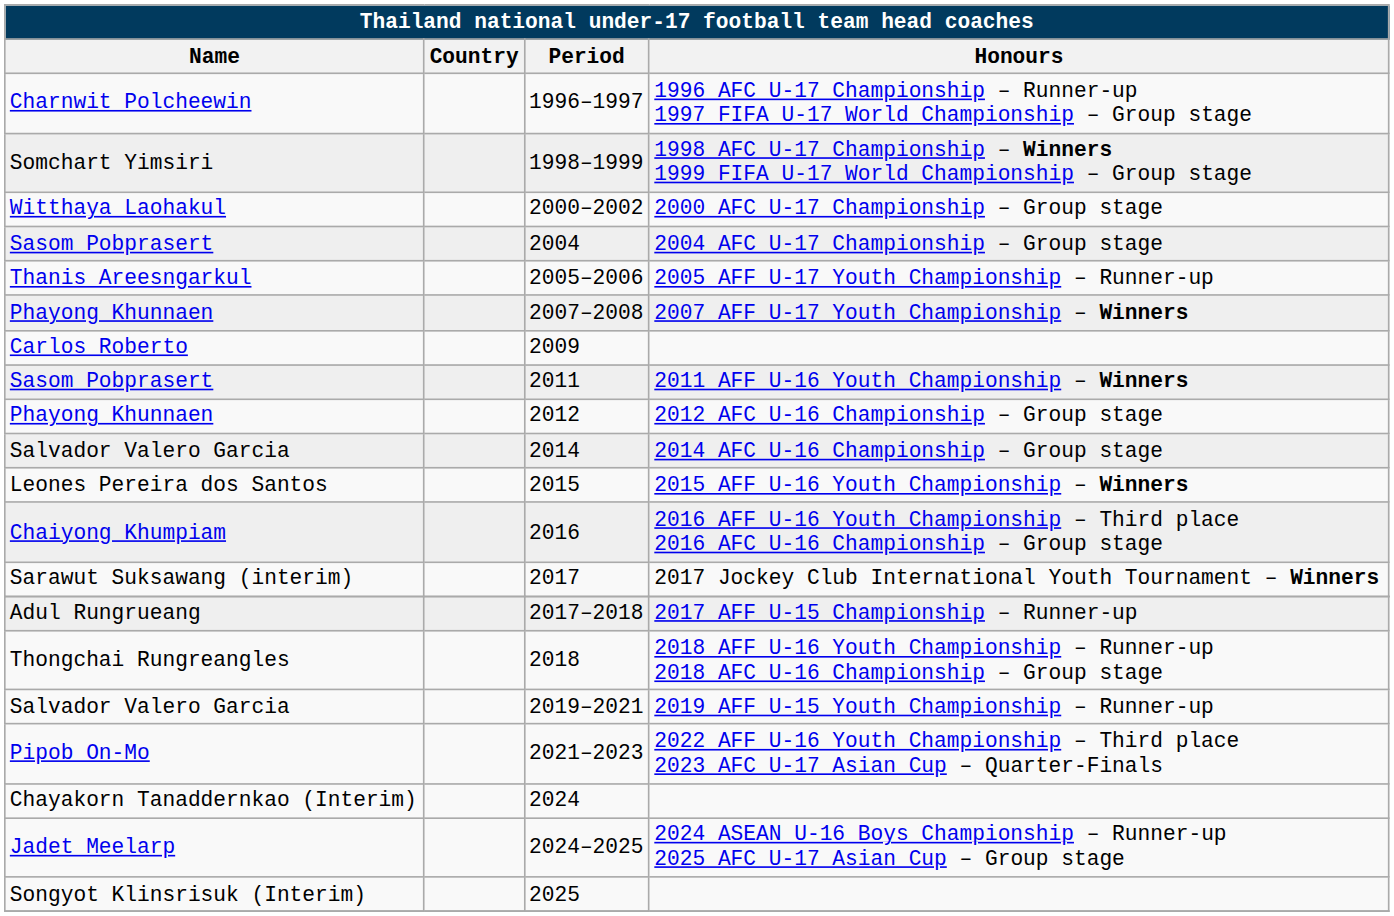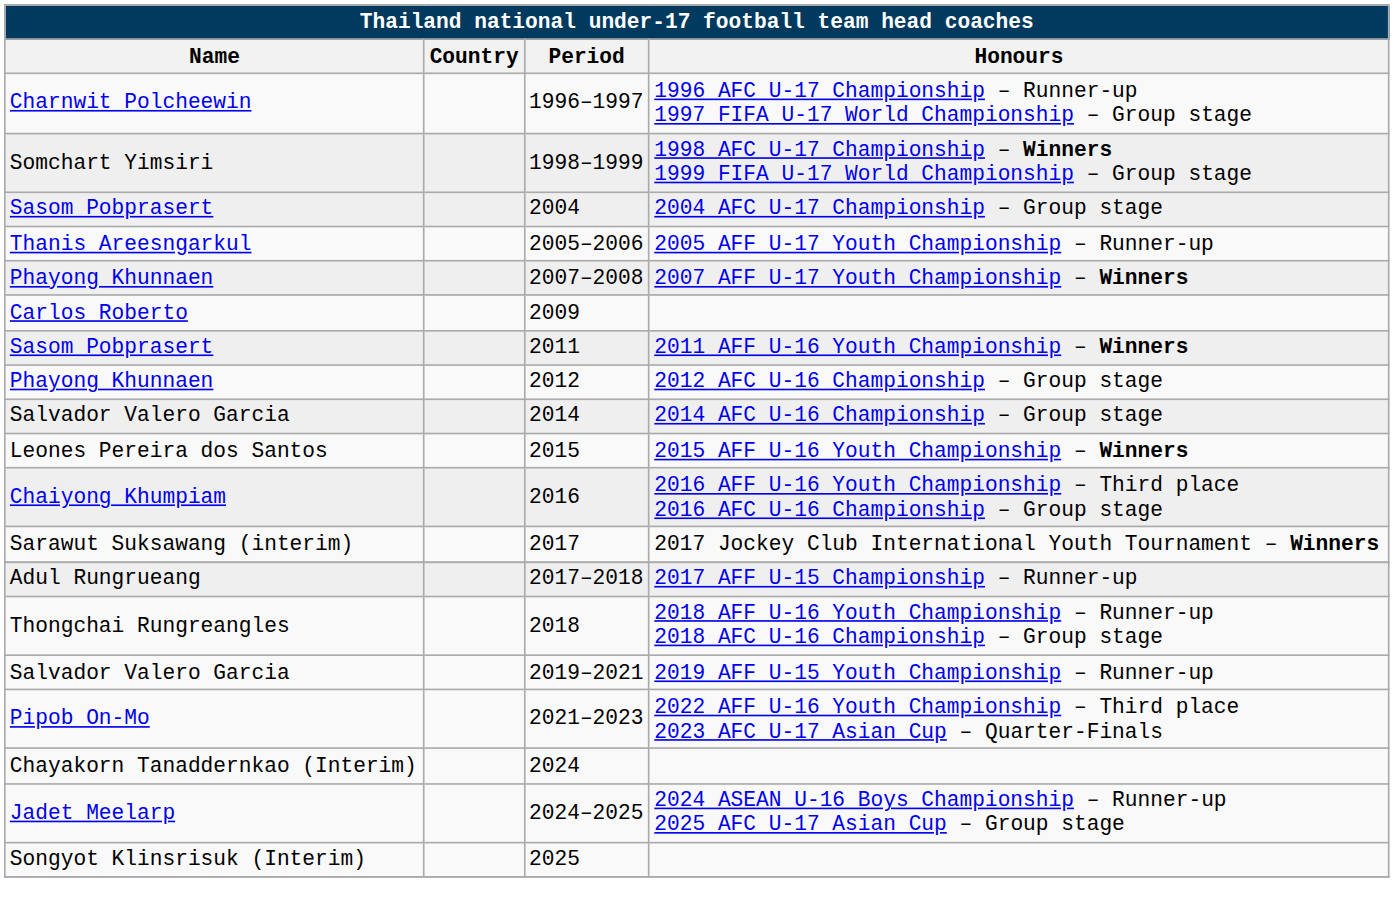 <table class="wikitable" style="width: 850px">
 <tr>
 <th colspan=4 style="background: #013A5E; color: #FFFFFF;">Thailand national under-17 football team head coaches</th>
 </tr>
 <tr>
 <th>Name</th>
 <th>Country</th>
 <th>Period</th>
 <th>Honours</th>
 </tr>
 <tr>
 <td><a href='#'>Charnwit Polcheewin</a></td>
 <td></td>
 <td>1996–1997</td>
 <td><a href='#'>1996 AFC U-17 Championship</a> – Runner-up <br> <a href='#'>1997 FIFA U-17 World Championship</a> – Group stage</td>
 </tr>
 <tr bgcolor="#EFEFEF">
 <td>Somchart Yimsiri</td>
 <td></td>
 <td>1998–1999</td>
 <td><a href='#'>1998 AFC U-17 Championship</a> – <strong>Winners</strong> <br> <a href='#'>1999 FIFA U-17 World Championship</a> – Group stage</td>
-</tr>
-<tr>
-<td><a href='#'>Witthaya Laohakul</a></td>
-<td></td>
-<td>2000–2002</td>
-<td><a href='#'>2000 AFC U-17 Championship</a> – Group stage</td>
 </tr>
 <tr bgcolor="#EFEFEF">
 <td><a href='#'>Sasom Pobprasert</a></td>
 <td></td>
 <td>2004</td>
 <td><a href='#'>2004 AFC U-17 Championship</a> – Group stage</td>
 </tr>
 <tr>
 <td><a href='#'>Thanis Areesngarkul</a></td>
 <td></td>
 <td>2005–2006</td>
 <td><a href='#'>2005 AFF U-17 Youth Championship</a> – Runner-up</td>
 </tr>
 <tr bgcolor="#EFEFEF">
 <td><a href='#'>Phayong Khunnaen</a></td>
 <td></td>
 <td>2007–2008</td>
 <td><a href='#'>2007 AFF U-17 Youth Championship</a> – <strong>Winners</strong> </td>
 </tr>
 <tr>
 <td><a href='#'>Carlos Roberto</a></td>
 <td></td>
 <td>2009</td>
 <td></td>
 </tr>
 <tr bgcolor="#EFEFEF">
 <td><a href='#'>Sasom Pobprasert</a></td>
 <td></td>
 <td>2011</td>
 <td><a href='#'>2011 AFF U-16 Youth Championship</a> – <strong>Winners</strong> </td>
 </tr>
 <tr>
 <td><a href='#'>Phayong Khunnaen</a></td>
 <td></td>
 <td>2012</td>
 <td><a href='#'>2012 AFC U-16 Championship</a> – Group stage</td>
 </tr>
 <tr bgcolor="#EFEFEF">
 <td>Salvador Valero Garcia</td>
 <td></td>
 <td>2014</td>
 <td><a href='#'>2014 AFC U-16 Championship</a> – Group stage</td>
 </tr>
 <tr>
 <td>Leones Pereira dos Santos</td>
 <td></td>
 <td>2015</td>
 <td><a href='#'>2015 AFF U-16 Youth Championship</a>  – <strong>Winners</strong> </td>
 </tr>
 <tr bgcolor="#EFEFEF">
 <td><a href='#'>Chaiyong Khumpiam</a></td>
 <td></td>
 <td>2016</td>
 <td><a href='#'>2016 AFF U-16 Youth Championship</a> – Third place <br> <a href='#'>2016 AFC U-16 Championship</a> – Group stage</td>
 </tr>
 <tr>
 <td>Sarawut Suksawang (interim)</td>
 <td></td>
 <td>2017</td>
 <td>2017 Jockey Club International Youth Tournament – <strong>Winners</strong></td>
 </tr>
 <tr>
 </tr>
 <tr bgcolor="#EFEFEF">
 <td>Adul Rungrueang</td>
 <td></td>
 <td>2017–2018</td>
 <td><a href='#'>2017 AFF U-15 Championship</a> – Runner-up</td>
 </tr>
 <tr>
 <td>Thongchai Rungreangles</td>
 <td></td>
 <td>2018</td>
 <td><a href='#'>2018 AFF U-16 Youth Championship</a> – Runner-up<br> <a href='#'>2018 AFC U-16 Championship</a> – Group stage</td>
 </tr>
 <tr>
 <td>Salvador Valero Garcia</td>
 <td></td>
 <td>2019–2021</td>
 <td><a href='#'>2019 AFF U-15 Youth Championship</a> – Runner-up</td>
 </tr>
 <tr>
 <td><a href='#'>Pipob On-Mo</a></td>
 <td></td>
 <td>2021–2023</td>
 <td><a href='#'>2022 AFF U-16 Youth Championship</a> – Third place <br> <a href='#'>2023 AFC U-17 Asian Cup</a> – Quarter-Finals</td>
 </tr>
 <tr>
 <td>Chayakorn Tanaddernkao (Interim)</td>
 <td></td>
 <td>2024</td>
 <td></td>
 </tr>
 <tr>
 <td><a href='#'>Jadet Meelarp</a></td>
 <td></td>
 <td>2024–2025</td>
 <td><a href='#'>2024 ASEAN U-16 Boys Championship</a> – Runner-up <br> <a href='#'>2025 AFC U-17 Asian Cup</a> – Group stage</td>
 </tr>
 <tr>
 <td>Songyot Klinsrisuk (Interim)</td>
 <td></td>
 <td>2025</td>
 <td></td>
 </tr>
 <tr>
 </tr>
 </table>
